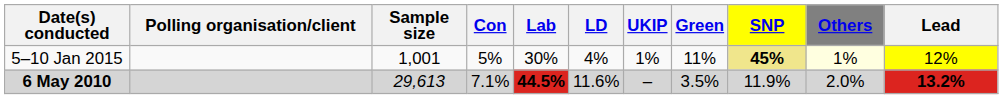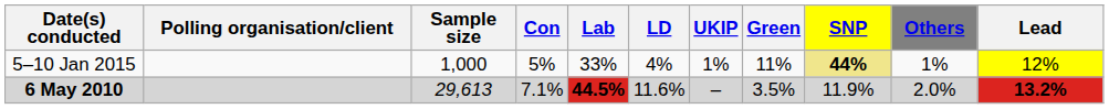 <table class="wikitable sortable" style="text-align:center;font-size:90%;line-height:14px">
 <tr>
 <th ! style="width:100px;">Date(s)<br>conducted</th>
 <th style="width:200px;">Polling organisation/client</th>
 <th class="unsortable" style="width:75px;">Sample size</th>
 <th class="unsortable" style="background:"><a href='#'><span>Con</span></a></th>
 <th class="unsortable" style="background:"><a href='#'><span>Lab</span></a></th>
 <th class="unsortable" style="background:"><a href='#'><span>LD</span></a></th>
 <th class="unsortable" style="background:"><a href='#'><span>UKIP</span></a></th>
 <th class="unsortable" style="background:"><a href='#'><span>Green</span></a></th>
 <th class="unsortable" style="background:#ffff00; width:60px;"><a href='#'><span>SNP</span></a></th>
 <th class="unsortable" style="background:gray; width:60px;"><a href='#'><span>Others</span></a></th>
 <th class="unsortable" style="width:90px;">Lead</th>
 </tr>
 <tr>
 <td>5–10 Jan 2015</td>
 <td> </td>
-<td>1,001</td>
+<td>1,000</td>
 <td>5%</td>
-<td>30%</td>
+<td>33%</td>
 <td>4%</td>
 <td>1%</td>
 <td>11%</td>
-<td style="background:khaki"><strong>45%</strong></td>
-<td style="background: lightyellow;">1%</td>
+<td style="background:khaki"><strong>44%</strong></td>
+<td>1%</td>
 <td style="background:#ff0"><span>12% </span></td>
 </tr>
 <tr>
 <td style="background:#D5D5D5"><strong>6 May 2010</strong></td>
 <td style="background:#D5D5D5"></td>
 <td style="background:#D5D5D5"><em>29,613</em></td>
 <td style="background:#D5D5D5">7.1%</td>
 <td style="background:#dc241f"><span><strong>44.5%</strong></span></td>
 <td style="background:#D5D5D5">11.6%</td>
 <td style="background:#D5D5D5">–</td>
 <td style="background:#D5D5D5">3.5%</td>
 <td style="background:#D5D5D5">11.9%</td>
 <td style="background:#D5D5D5">2.0%</td>
 <td style="background:#dc241f"><span><strong>13.2% </strong></span></td>
 </tr>
 </table>
